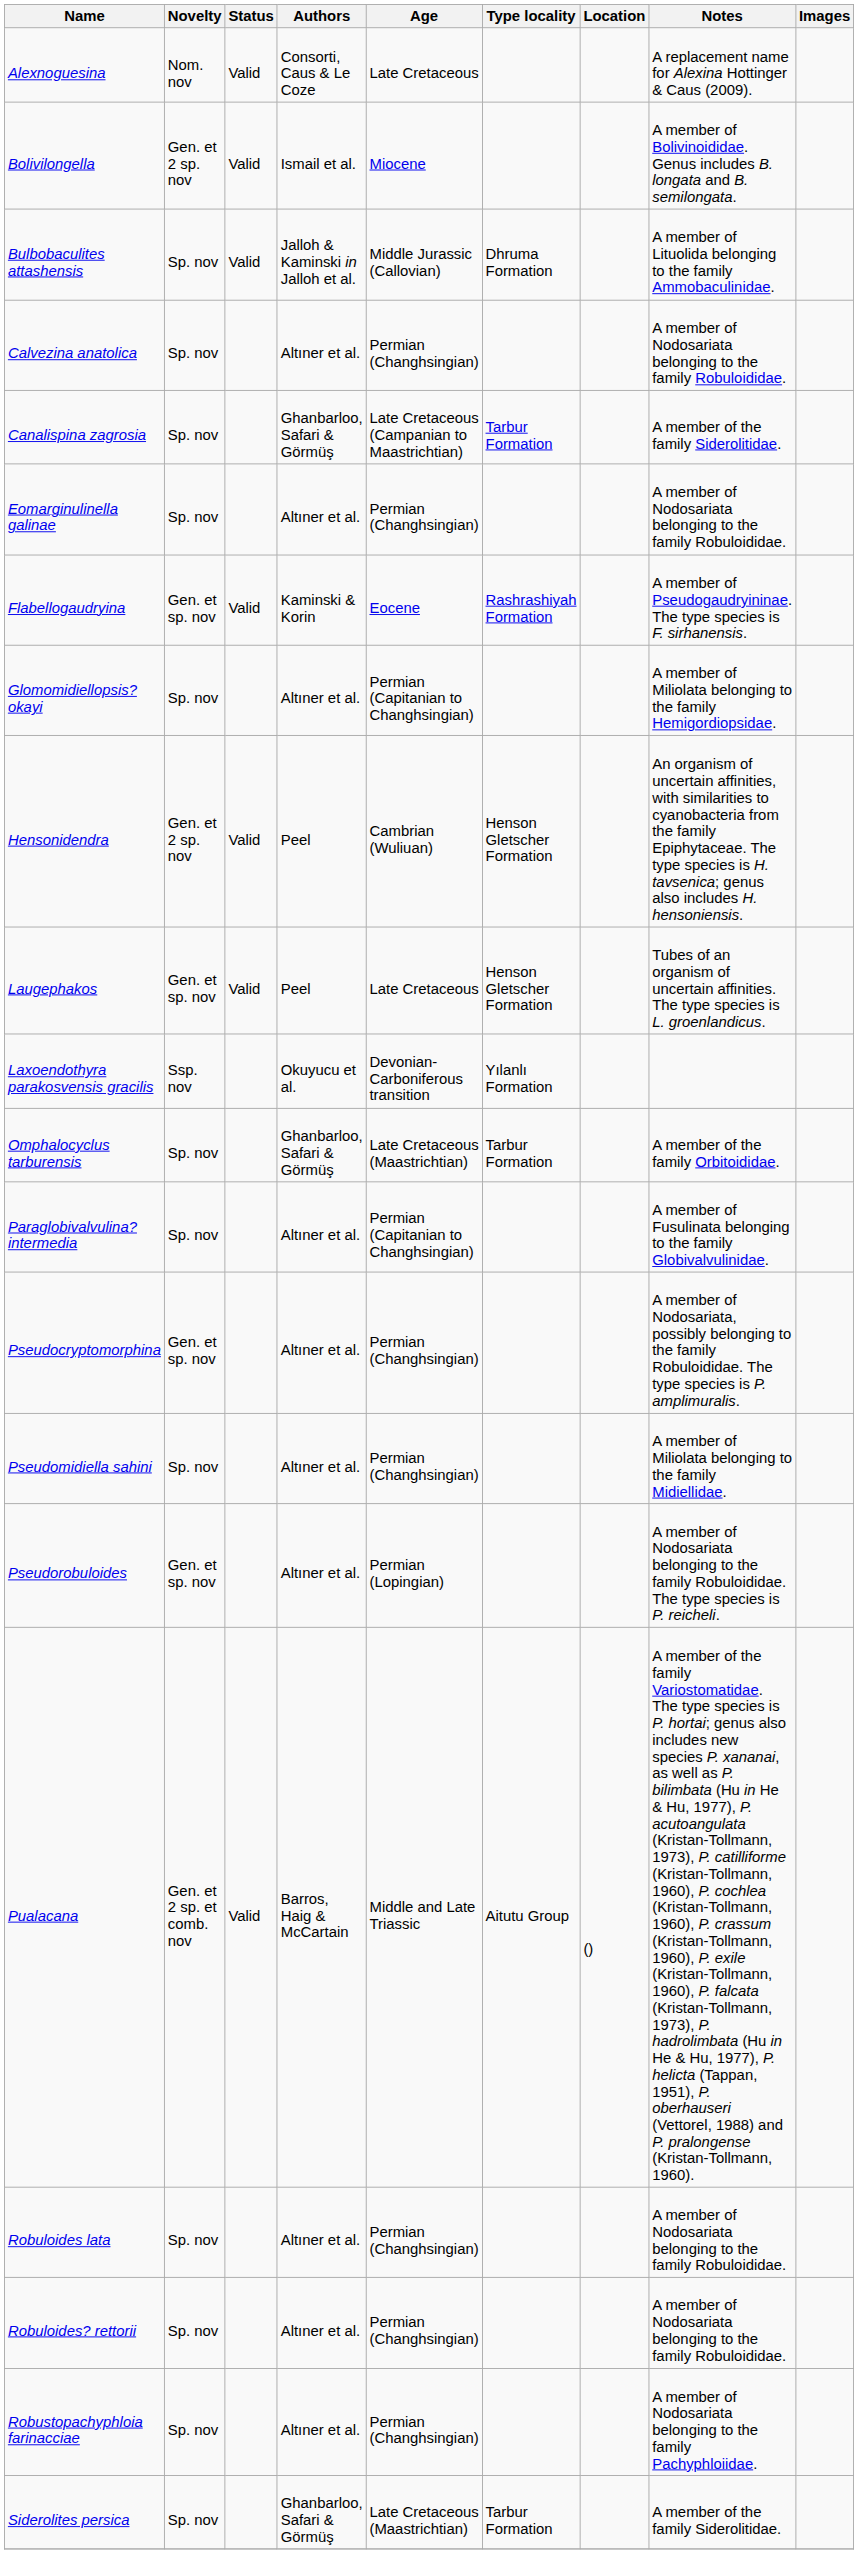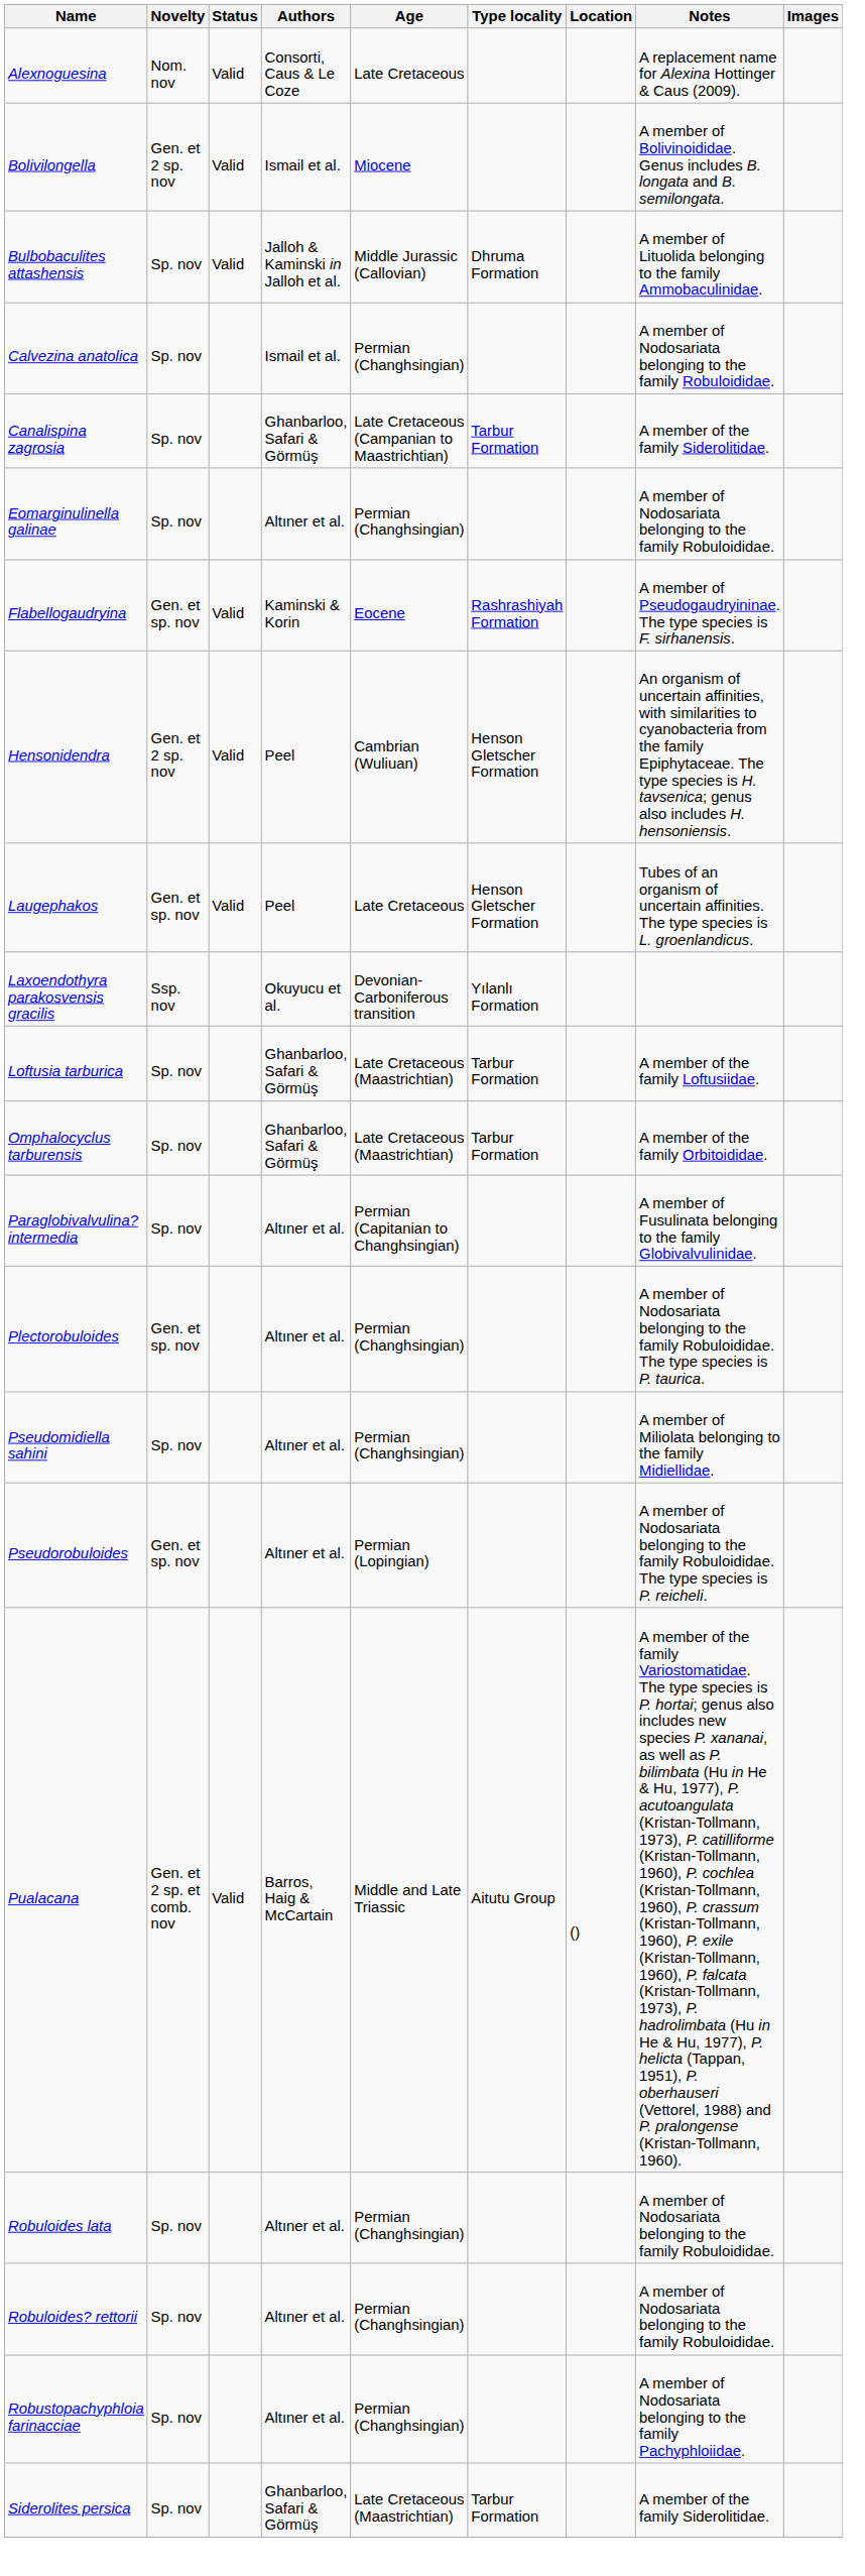 <table class="wikitable sortable" align="center" width="100%">
 <tr>
 <th>Name</th>
 <th>Novelty</th>
 <th>Status</th>
 <th>Authors</th>
 <th>Age</th>
 <th>Type locality</th>
 <th>Location</th>
 <th>Notes</th>
 <th>Images</th>
 </tr>
 <tr>
 <td><br><em><a href='#'>Alexnoguesina</a></em></td>
 <td><br>Nom. nov</td>
 <td><br>Valid</td>
 <td><br>Consorti, Caus & Le Coze</td>
 <td><br>Late Cretaceous</td>
 <td></td>
 <td><br></td>
 <td><br>A replacement name for <em>Alexina</em> Hottinger & Caus (2009).</td>
 <td></td>
 </tr>
 <tr>
 <td><br><em><a href='#'>Bolivilongella</a></em></td>
 <td><br>Gen. et 2 sp. nov</td>
 <td><br>Valid</td>
 <td><br>Ismail et al.</td>
 <td><br><a href='#'>Miocene</a></td>
 <td></td>
 <td><br></td>
 <td><br>A member of <a href='#'>Bolivinoididae</a>. Genus includes <em>B. longata</em> and <em>B. semilongata</em>.</td>
 <td></td>
 </tr>
 <tr>
 <td><br><em><a href='#'>Bulbobaculites attashensis</a></em></td>
 <td><br>Sp. nov</td>
 <td><br>Valid</td>
 <td><br>Jalloh & Kaminski <em>in</em> Jalloh et al.</td>
 <td><br>Middle Jurassic (Callovian)</td>
 <td><br>Dhruma Formation</td>
 <td><br></td>
 <td><br>A member of Lituolida belonging to the family <a href='#'>Ammobaculinidae</a>.</td>
 <td></td>
 </tr>
 <tr>
 <td><br><em><a href='#'>Calvezina anatolica</a></em></td>
 <td><br>Sp. nov</td>
 <td></td>
-<td><br>Altıner et al.</td>
+<td><br>Ismail et al.</td>
 <td><br>Permian (Changhsingian)</td>
 <td></td>
 <td><br></td>
 <td><br>A member of Nodosariata belonging to the family <a href='#'>Robuloididae</a>.</td>
 <td></td>
 </tr>
 <tr>
 <td><br><em><a href='#'>Canalispina zagrosia</a></em></td>
 <td><br>Sp. nov</td>
 <td></td>
 <td><br>Ghanbarloo, Safari & Görmüş</td>
 <td><br>Late Cretaceous (Campanian to Maastrichtian)</td>
 <td><br><a href='#'>Tarbur Formation</a></td>
 <td><br></td>
 <td><br>A member of the family <a href='#'>Siderolitidae</a>.</td>
 <td></td>
 </tr>
 <tr>
 <td><br><em><a href='#'>Eomarginulinella galinae</a></em></td>
 <td><br>Sp. nov</td>
 <td></td>
 <td><br>Altıner et al.</td>
 <td><br>Permian (Changhsingian)</td>
 <td></td>
 <td><br></td>
 <td><br>A member of Nodosariata belonging to the family Robuloididae.</td>
 <td></td>
 </tr>
 <tr>
 <td><br><em><a href='#'>Flabellogaudryina</a></em></td>
 <td><br>Gen. et sp. nov</td>
 <td><br>Valid</td>
 <td><br>Kaminski & Korin</td>
 <td><br><a href='#'>Eocene</a></td>
 <td><br><a href='#'>Rashrashiyah Formation</a></td>
 <td><br></td>
 <td><br>A member of <a href='#'>Pseudogaudryininae</a>. The type species is <em>F. sirhanensis</em>.</td>
 <td></td>
 </tr>
 <tr>
-<td><br><em><a href='#'>Glomomidiellopsis? okayi</a></em></td>
-<td><br>Sp. nov</td>
-<td></td>
-<td><br>Altıner et al.</td>
-<td><br>Permian (Capitanian to Changhsingian)</td>
-<td></td>
-<td><br><br> </td>
-<td><br>A member of Miliolata belonging to the family <a href='#'>Hemigordiopsidae</a>.</td>
-<td></td>
-</tr>
-<tr>
 <td><br><em><a href='#'>Hensonidendra</a></em></td>
 <td><br>Gen. et 2 sp. nov</td>
 <td><br>Valid</td>
 <td><br>Peel</td>
 <td><br>Cambrian (Wuliuan)</td>
 <td><br>Henson Gletscher Formation</td>
 <td><br></td>
 <td><br>An organism of uncertain affinities, with similarities to cyanobacteria from the family Epiphytaceae. The type species is <em>H. tavsenica</em>; genus also includes <em>H. hensoniensis</em>.</td>
 <td></td>
 </tr>
 <tr>
 <td><br><em><a href='#'>Laugephakos</a></em></td>
 <td><br>Gen. et sp. nov</td>
 <td><br>Valid</td>
 <td><br>Peel</td>
 <td><br>Late Cretaceous</td>
 <td><br>Henson Gletscher Formation</td>
 <td><br></td>
 <td><br>Tubes of an organism of uncertain affinities. The type species is <em>L. groenlandicus</em>.</td>
 <td></td>
 </tr>
 <tr>
 <td><br><em><a href='#'>Laxoendothyra parakosvensis gracilis</a></em></td>
 <td><br>Ssp. nov</td>
 <td></td>
 <td><br>Okuyucu et al.</td>
 <td><br>Devonian-Carboniferous transition</td>
 <td><br>Yılanlı Formation</td>
 <td><br></td>
 <td></td>
 <td></td>
 </tr>
 <tr>
+<td><br><em><a href='#'>Loftusia tarburica</a></em></td>
+<td><br>Sp. nov</td>
+<td></td>
+<td><br>Ghanbarloo, Safari & Görmüş</td>
+<td><br>Late Cretaceous (Maastrichtian)</td>
+<td><br>Tarbur Formation</td>
+<td><br></td>
+<td><br>A member of the family <a href='#'>Loftusiidae</a>.</td>
+<td></td>
+</tr>
+<tr>
 <td><br><em><a href='#'>Omphalocyclus tarburensis</a></em></td>
 <td><br>Sp. nov</td>
 <td></td>
 <td><br>Ghanbarloo, Safari & Görmüş</td>
 <td><br>Late Cretaceous (Maastrichtian)</td>
 <td><br>Tarbur Formation</td>
 <td><br></td>
 <td><br>A member of the family <a href='#'>Orbitoididae</a>.</td>
 <td></td>
 </tr>
 <tr>
 <td><br><em><a href='#'>Paraglobivalvulina? intermedia</a></em></td>
 <td><br>Sp. nov</td>
 <td></td>
 <td><br>Altıner et al.</td>
 <td><br>Permian (Capitanian to Changhsingian)</td>
 <td></td>
 <td><br></td>
 <td><br>A member of Fusulinata belonging to the family <a href='#'>Globivalvulinidae</a>.</td>
 <td></td>
 </tr>
 <tr>
-<td><br><em><a href='#'>Pseudocryptomorphina</a></em></td>
+<td><br><em><a href='#'>Plectorobuloides</a></em></td>
 <td><br>Gen. et sp. nov</td>
 <td></td>
 <td><br>Altıner et al.</td>
 <td><br>Permian (Changhsingian)</td>
 <td></td>
 <td><br></td>
-<td><br>A member of Nodosariata, possibly belonging to the family Robuloididae. The type species is <em>P. amplimuralis</em>.</td>
+<td><br>A member of Nodosariata belonging to the family Robuloididae. The type species is <em>P. taurica</em>.</td>
 <td></td>
 </tr>
 <tr>
 <td><br><em><a href='#'>Pseudomidiella sahini</a></em></td>
 <td><br>Sp. nov</td>
 <td></td>
 <td><br>Altıner et al.</td>
 <td><br>Permian (Changhsingian)</td>
 <td></td>
 <td><br></td>
 <td><br>A member of Miliolata belonging to the family <a href='#'>Midiellidae</a>.</td>
 <td></td>
 </tr>
 <tr>
 <td><br><em><a href='#'>Pseudorobuloides</a></em></td>
 <td><br>Gen. et sp. nov</td>
 <td></td>
 <td><br>Altıner et al.</td>
 <td><br>Permian (Lopingian)</td>
 <td></td>
 <td><br><br> </td>
 <td><br>A member of Nodosariata belonging to the family Robuloididae. The type species is <em>P. reicheli</em>.</td>
 <td></td>
 </tr>
 <tr>
 <td><br><em><a href='#'>Pualacana</a></em></td>
 <td><br>Gen. et 2 sp. et comb. nov</td>
 <td><br>Valid</td>
 <td><br>Barros, Haig & McCartain</td>
 <td><br>Middle and Late Triassic</td>
 <td><br>Aitutu Group</td>
 <td><br><br> <br> <br> <br>()</td>
 <td><br>A member of the family <a href='#'>Variostomatidae</a>. The type species is <em>P. hortai</em>; genus also includes new species <em>P. xananai</em>, as well as <em>P. bilimbata</em> (Hu <em>in</em> He & Hu, 1977), <em>P. acutoangulata</em> (Kristan-Tollmann, 1973), <em>P. catilliforme</em> (Kristan-Tollmann, 1960), <em>P. cochlea</em> (Kristan-Tollmann, 1960), <em>P. crassum</em> (Kristan-Tollmann, 1960), <em>P. exile</em> (Kristan-Tollmann, 1960), <em>P. falcata</em> (Kristan-Tollmann, 1973), <em>P. hadrolimbata</em> (Hu <em>in</em> He & Hu, 1977), <em>P. helicta</em> (Tappan, 1951), <em>P. oberhauseri</em> (Vettorel, 1988) and <em>P. pralongense</em> (Kristan-Tollmann, 1960).</td>
 <td></td>
 </tr>
 <tr>
 <td><br><em><a href='#'>Robuloides lata</a></em></td>
 <td><br>Sp. nov</td>
 <td></td>
 <td><br>Altıner et al.</td>
 <td><br>Permian (Changhsingian)</td>
 <td></td>
 <td><br></td>
 <td><br>A member of Nodosariata belonging to the family Robuloididae.</td>
 <td></td>
 </tr>
 <tr>
 <td><br><em><a href='#'>Robuloides? rettorii</a></em></td>
 <td><br>Sp. nov</td>
 <td></td>
 <td><br>Altıner et al.</td>
 <td><br>Permian (Changhsingian)</td>
 <td></td>
 <td><br></td>
 <td><br>A member of Nodosariata belonging to the family Robuloididae.</td>
 <td></td>
 </tr>
 <tr>
 <td><br><em><a href='#'>Robustopachyphloia farinacciae</a></em></td>
 <td><br>Sp. nov</td>
 <td></td>
 <td><br>Altıner et al.</td>
 <td><br>Permian (Changhsingian)</td>
 <td></td>
 <td><br></td>
 <td><br>A member of Nodosariata belonging to the family <a href='#'>Pachyphloiidae</a>.</td>
 <td></td>
 </tr>
 <tr>
 <td><br><em><a href='#'>Siderolites persica</a></em></td>
 <td><br>Sp. nov</td>
 <td></td>
 <td><br>Ghanbarloo, Safari & Görmüş</td>
 <td><br>Late Cretaceous (Maastrichtian)</td>
 <td><br>Tarbur Formation</td>
 <td><br></td>
 <td><br>A member of the family Siderolitidae.</td>
 <td></td>
 </tr>
 <tr>
 </tr>
 </table>
